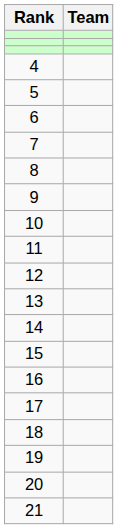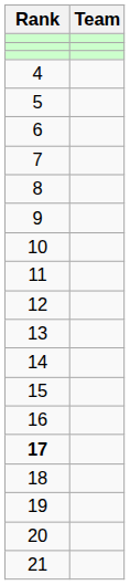 <table class="wikitable" style="text-align: center">
 <tr>
 <th width=50>Rank</th>
 <th>Team</th>
 </tr>
 <tr bgcolor=#ccffcc>
 <td></td>
 <td align=left></td>
 </tr>
 <tr bgcolor=#ccffcc>
 <td></td>
 <td align=left></td>
 </tr>
 <tr bgcolor=#ccffcc>
 <td></td>
 <td align=left></td>
 </tr>
 <tr>
 <td>4</td>
 <td align=left></td>
 </tr>
 <tr>
 <td>5</td>
 <td align=left></td>
 </tr>
 <tr>
 <td>6</td>
 <td align=left></td>
 </tr>
 <tr>
 <td>7</td>
 <td align=left></td>
 </tr>
 <tr>
 <td>8</td>
 <td align=left></td>
 </tr>
 <tr>
 <td>9</td>
 <td align=left></td>
 </tr>
 <tr>
 <td>10</td>
 <td align=left></td>
 </tr>
 <tr>
 <td>11</td>
 <td align=left></td>
 </tr>
 <tr>
 <td>12</td>
 <td align=left></td>
 </tr>
 <tr>
 <td>13</td>
 <td align=left></td>
 </tr>
 <tr>
 <td>14</td>
 <td align=left></td>
 </tr>
 <tr>
 <td>15</td>
 <td align=left></td>
 </tr>
 <tr>
 <td>16</td>
 <td align=left></td>
 </tr>
 <tr>
-<td>17</td>
+<td><strong>17</strong></td>
 <td align=left></td>
 </tr>
 <tr>
 <td>18</td>
 <td align=left></td>
 </tr>
 <tr>
 <td>19</td>
 <td align=left></td>
 </tr>
 <tr>
 <td>20</td>
 <td align=left></td>
 </tr>
 <tr>
 <td>21</td>
 <td align=left></td>
 </tr>
 </table>
